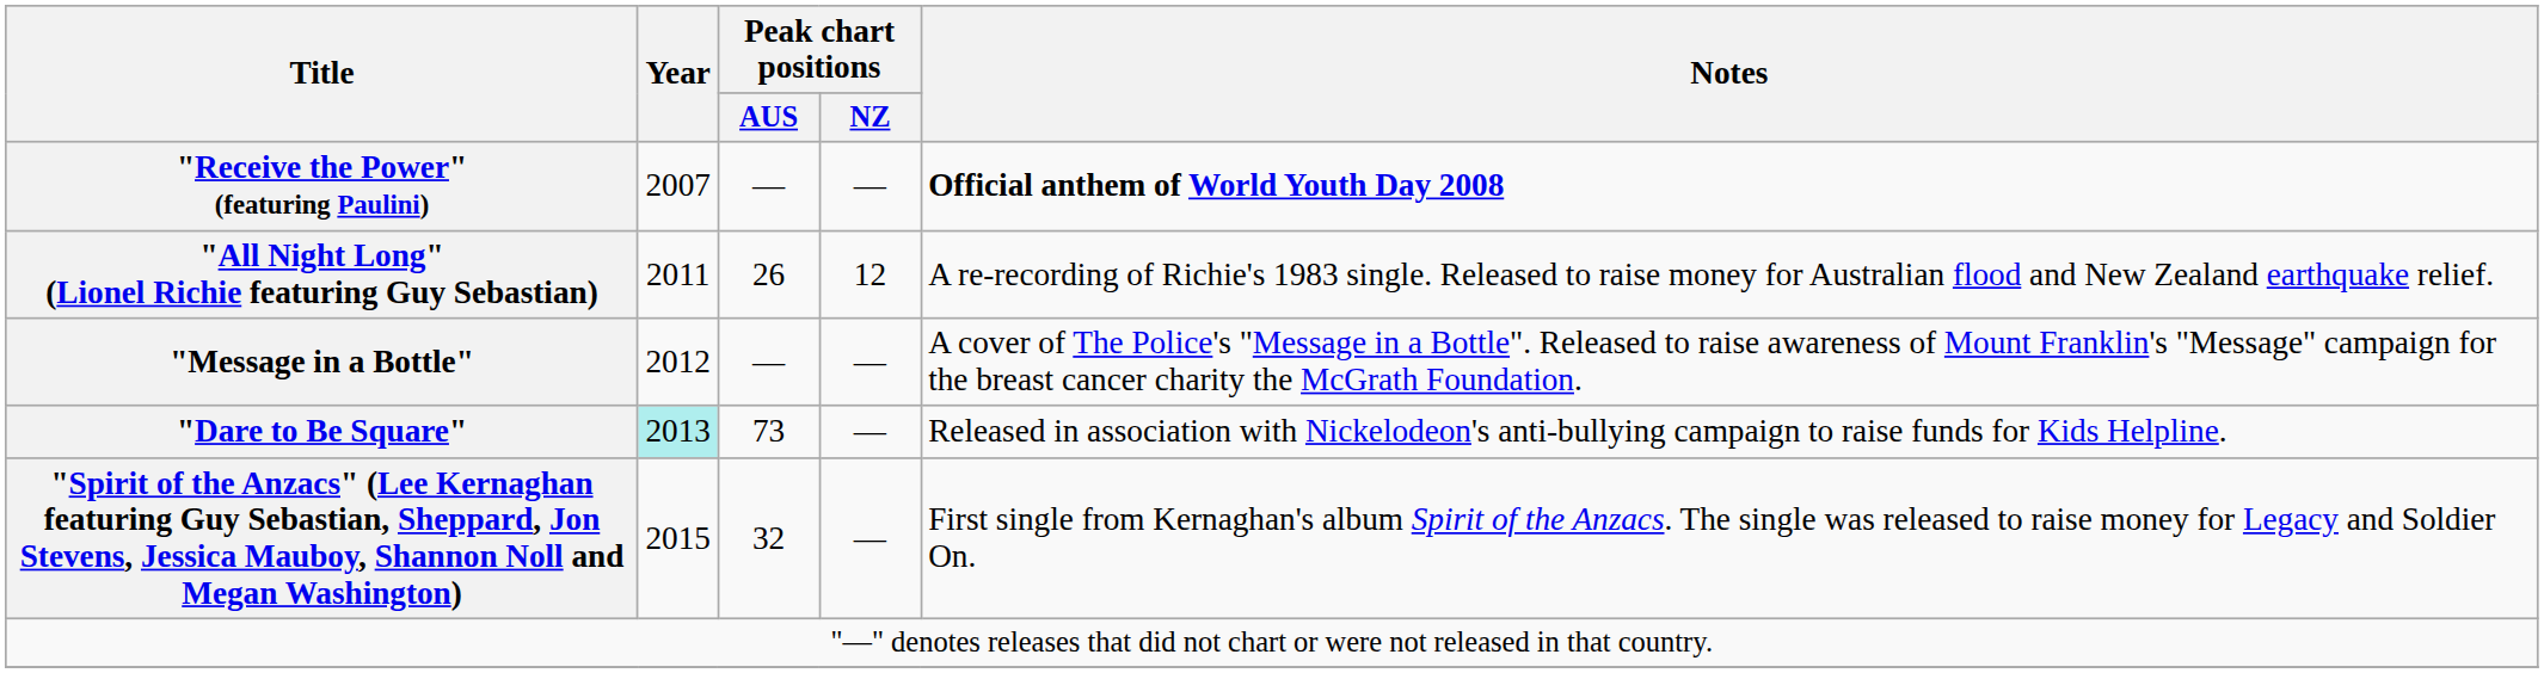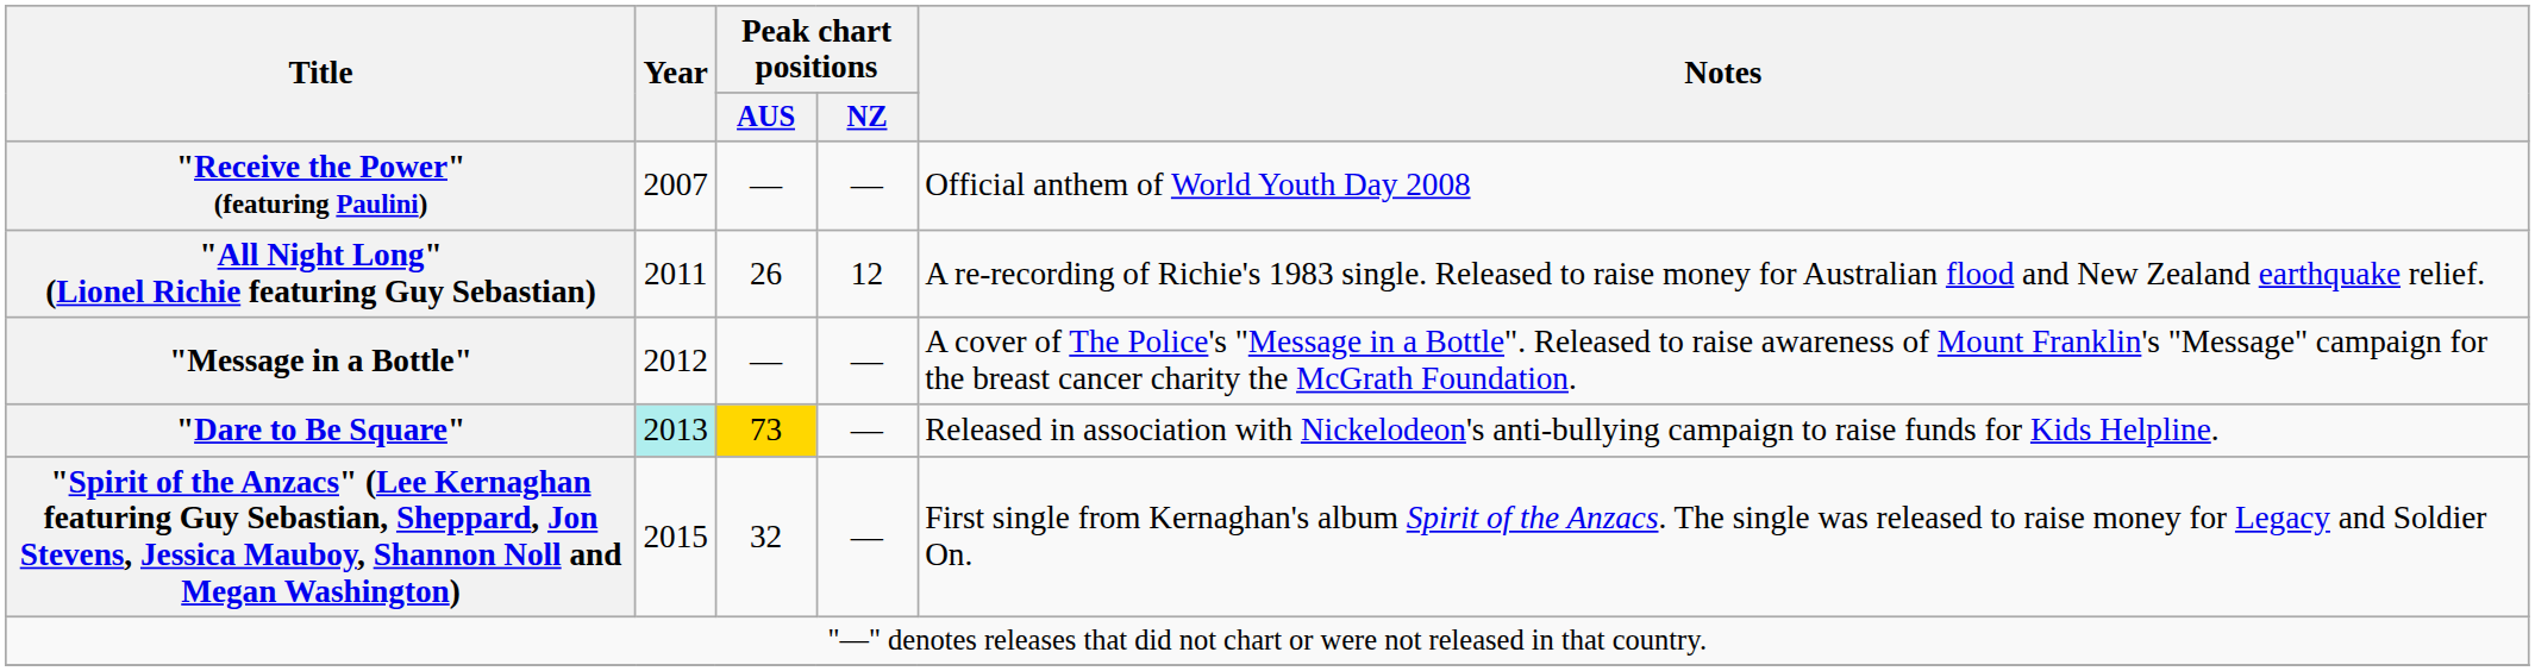 <table class="wikitable plainrowheaders" style="text-align:center;" border="1">
 <tr>
 <th scope="col" rowspan="2" style="width:19em;">Title</th>
 <th scope="col" rowspan="2" style="width:1em;">Year</th>
 <th scope="col" colspan="2">Peak chart positions</th>
 <th scope="col" rowspan="2">Notes</th>
 </tr>
 <tr>
 <th scope="col" style="width:3em;font-size:90%;"><a href='#'>AUS</a><br></th>
 <th scope="col" style="width:3em;font-size:90%;"><a href='#'>NZ</a><br></th>
 </tr>
 <tr>
 <th scope="row">"<a href='#'>Receive the Power</a>"<br><small>(featuring <a href='#'>Paulini</a>)</small></th>
 <td>2007</td>
 <td>—</td>
 <td>—</td>
-<td align="left"><strong>Official anthem of <a href='#'>World Youth Day 2008</a></strong></td>
+<td align="left">Official anthem of <a href='#'>World Youth Day 2008</a></td>
 </tr>
 <tr>
 <th scope="row">"<a href='#'>All Night Long</a>"<br><span>(<a href='#'>Lionel Richie</a> featuring Guy Sebastian)</span></th>
 <td>2011</td>
 <td>26</td>
 <td>12</td>
 <td align="left">A re-recording of Richie's 1983 single. Released to raise money for Australian <a href='#'>flood</a> and New Zealand <a href='#'>earthquake</a> relief.</td>
 </tr>
 <tr>
 <th scope="row">"Message in a Bottle"</th>
 <td>2012</td>
 <td>—</td>
 <td>—</td>
 <td align="left">A cover of <a href='#'>The Police</a>'s "<a href='#'>Message in a Bottle</a>". Released to raise awareness of <a href='#'>Mount Franklin</a>'s "Message" campaign for the breast cancer charity the <a href='#'>McGrath Foundation</a>.</td>
 </tr>
 <tr>
 <th scope="row">"<a href='#'>Dare to Be Square</a>"</th>
 <td style="background: paleturquoise;">2013</td>
-<td>73</td>
+<td style="background: gold;">73</td>
 <td>—</td>
 <td align="left">Released in association with <a href='#'>Nickelodeon</a>'s anti-bullying campaign to raise funds for <a href='#'>Kids Helpline</a>.</td>
 </tr>
 <tr>
 <th scope="row">"<a href='#'>Spirit of the Anzacs</a>" <span>(<a href='#'>Lee Kernaghan</a> featuring Guy Sebastian, <a href='#'>Sheppard</a>, <a href='#'>Jon Stevens</a>, <a href='#'>Jessica Mauboy</a>, <a href='#'>Shannon Noll</a> and <a href='#'>Megan Washington</a>)</span></th>
 <td>2015</td>
 <td>32</td>
 <td>—</td>
 <td align="left">First single from Kernaghan's album <em><a href='#'>Spirit of the Anzacs</a></em>. The single was released to raise money for <a href='#'>Legacy</a> and Soldier On.</td>
 </tr>
 <tr>
 <td align="center" colspan="5" style="font-size: 90%">"—" denotes releases that did not chart or were not released in that country.</td>
 </tr>
 <tr>
 </tr>
 </table>
